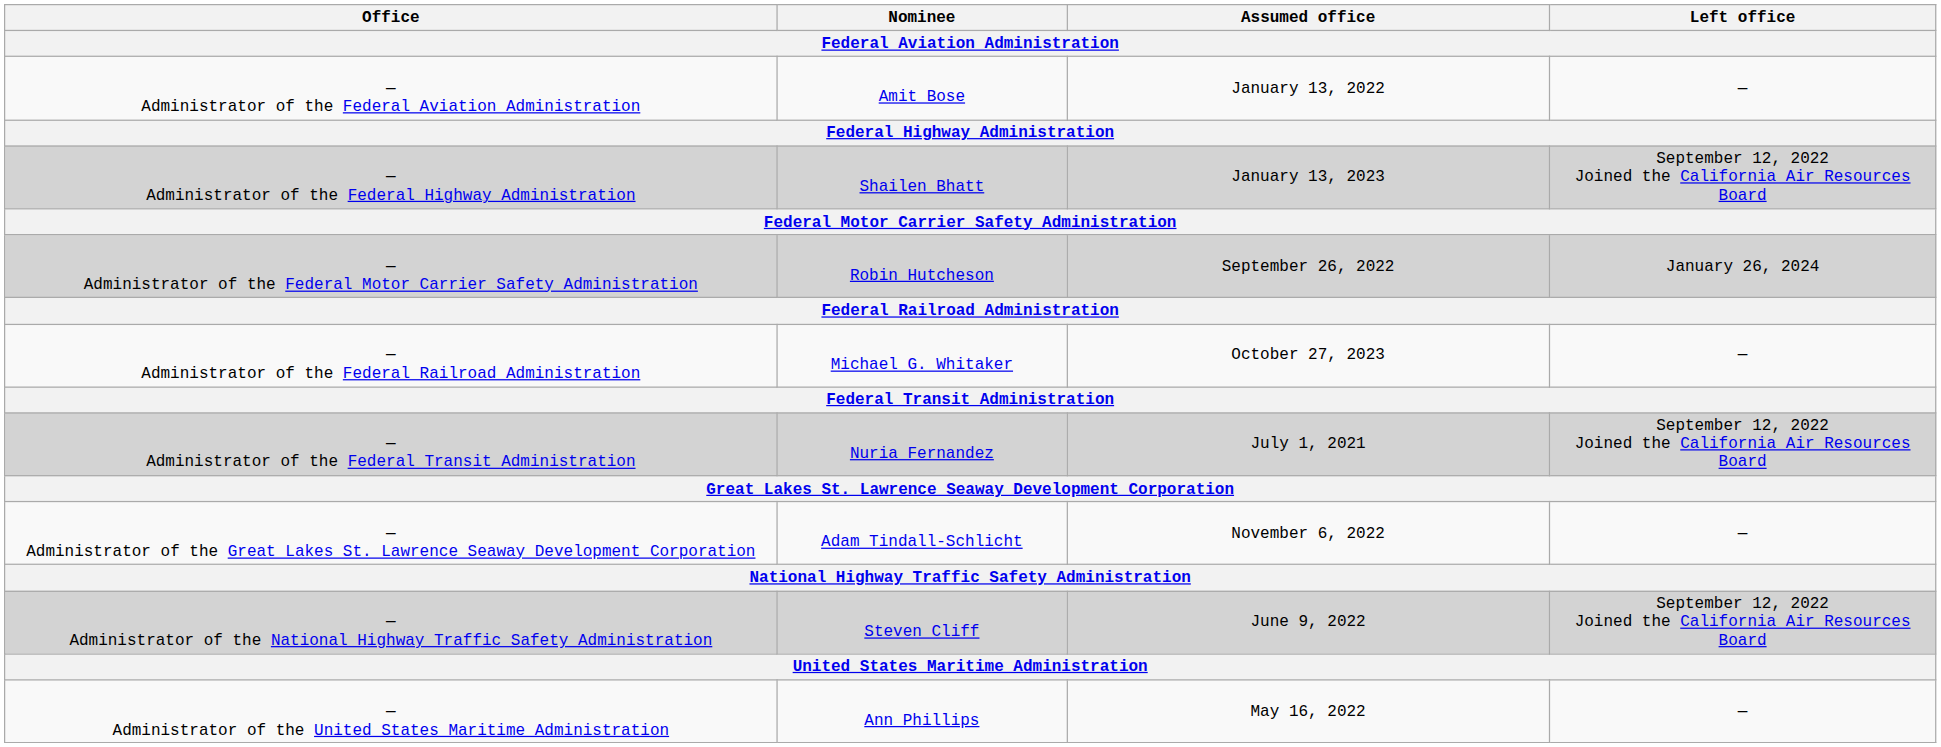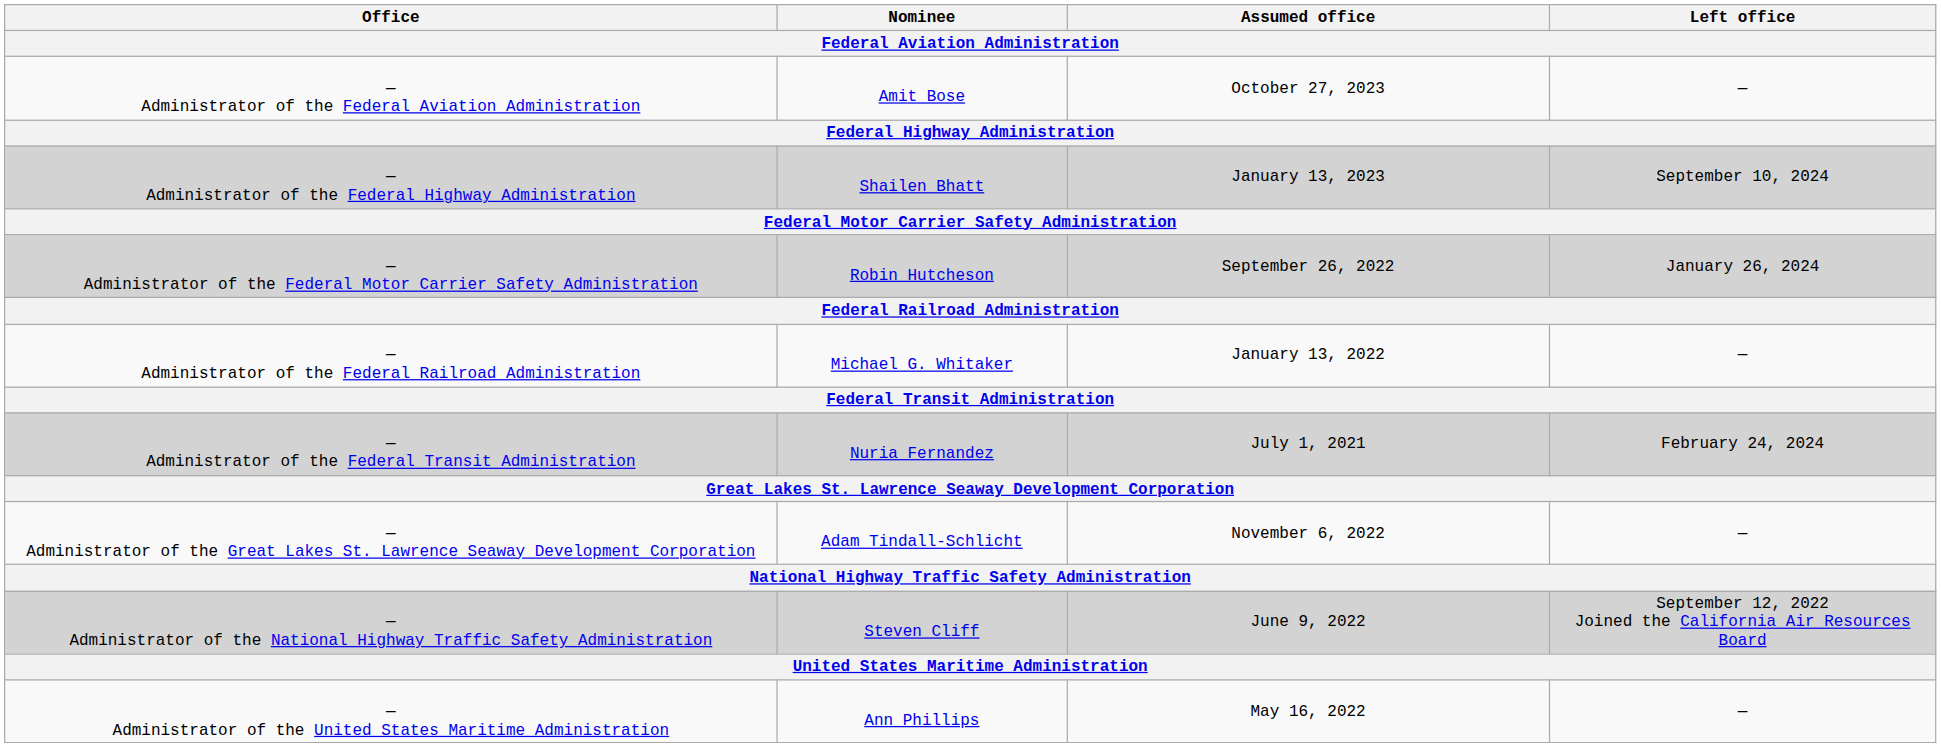 <table class="wikitable sortable" style="text-align:center">
 <tr>
 <th style="width:40%;">Office</th>
 <th style="width:15%;">Nominee</th>
 <th style="width:25%;" data-sort-type="date">Assumed office</th>
 <th style="width:20%;" data-sort-type="date">Left office</th>
 </tr>
 <tr>
 <th colspan=4><a href='#'>Federal Aviation Administration</a></th>
 </tr>
 <tr>
 <td><br>—<br>Administrator of the <a href='#'>Federal Aviation Administration</a></td>
 <td><br><a href='#'>Amit Bose</a></td>
-<td>January 13, 2022<br></td>
+<td>October 27, 2023<br></td>
 <td>—</td>
 </tr>
 <tr>
 <th colspan=4><a href='#'>Federal Highway Administration</a></th>
 </tr>
 <tr style="background:lightgray">
 <td><br>—<br>Administrator of the <a href='#'>Federal Highway Administration</a></td>
 <td><br><a href='#'>Shailen Bhatt</a></td>
 <td>January 13, 2023<br></td>
-<td>September 12, 2022<br>Joined the <a href='#'>California Air Resources Board</a></td>
+<td>September 10, 2024</td>
 </tr>
 <tr>
 <th colspan=4><a href='#'>Federal Motor Carrier Safety Administration</a></th>
 </tr>
 <tr style="background:lightgray">
 <td><br>—<br>Administrator of the <a href='#'>Federal Motor Carrier Safety Administration</a></td>
 <td><br><a href='#'>Robin Hutcheson</a></td>
 <td>September 26, 2022<br></td>
 <td>January 26, 2024</td>
 </tr>
 <tr>
 <th colspan=4><a href='#'>Federal Railroad Administration</a></th>
 </tr>
 <tr>
 <td><br>—<br>Administrator of the <a href='#'>Federal Railroad Administration</a></td>
 <td><br><a href='#'>Michael G. Whitaker</a></td>
-<td>October 27, 2023<br></td>
+<td>January 13, 2022<br></td>
 <td>—</td>
 </tr>
 <tr>
 <th colspan=4><a href='#'>Federal Transit Administration</a></th>
 </tr>
 <tr style="background:lightgray">
 <td><br>—<br>Administrator of the <a href='#'>Federal Transit Administration</a></td>
 <td><br><a href='#'>Nuria Fernandez</a></td>
 <td>July 1, 2021<br></td>
-<td>September 12, 2022<br>Joined the <a href='#'>California Air Resources Board</a></td>
+<td>February 24, 2024</td>
 </tr>
 <tr>
 <th colspan=4><a href='#'>Great Lakes St. Lawrence Seaway Development Corporation</a></th>
 </tr>
 <tr>
 <td><br>—<br>Administrator of the <a href='#'>Great Lakes St. Lawrence Seaway Development Corporation</a></td>
 <td><br><a href='#'>Adam Tindall-Schlicht</a></td>
 <td>November 6, 2022</td>
 <td>—</td>
 </tr>
 <tr>
 <th colspan=4><a href='#'>National Highway Traffic Safety Administration</a></th>
 </tr>
 <tr style="background:lightgray;">
 <td><br>—<br>Administrator of the <a href='#'>National Highway Traffic Safety Administration</a></td>
 <td><br><a href='#'>Steven Cliff</a></td>
 <td>June 9, 2022<br></td>
 <td>September 12, 2022<br>Joined the <a href='#'>California Air Resources Board</a></td>
 </tr>
 <tr>
 <th colspan=4><a href='#'>United States Maritime Administration</a></th>
 </tr>
 <tr>
 <td><br>—<br>Administrator of the <a href='#'>United States Maritime Administration</a></td>
 <td><br><a href='#'>Ann Phillips</a></td>
 <td>May 16, 2022<br></td>
 <td>—</td>
 </tr>
 </table>
